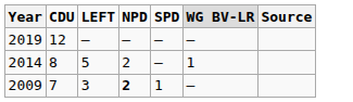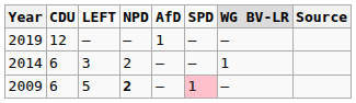 <table class="wikitable">
 <tr>
 <th>Year</th>
 <td style="background:"><strong>CDU</strong></td>
 <td style="background:"><strong>LEFT</strong></td>
 <td style="background:"><strong>NPD</strong></td>
+<td style="background:"><strong>AfD</strong></td>
 <td style="background:"><strong>SPD</strong></td>
 <td style="background:#DCDCDC"><strong>WG BV-LR</strong></td>
 <th>Source</th>
 </tr>
 <tr>
 <td>2019</td>
 <td>12</td>
 <td>—</td>
 <td>—</td>
+<td>1</td>
 <td>—</td>
 <td>—</td>
 <td></td>
 </tr>
 <tr>
 <td>2014</td>
-<td>8</td>
-<td>5</td>
+<td>6</td>
+<td>3</td>
 <td>2</td>
+<td>—</td>
 <td>—</td>
 <td>1</td>
 <td></td>
 </tr>
 <tr>
 <td>2009</td>
-<td>7</td>
-<td>3</td>
+<td>6</td>
+<td>5</td>
 <td><strong>2</strong></td>
-<td>1</td>
+<td>—</td>
+<td style="background: pink;">1</td>
 <td>—</td>
 <td></td>
 </tr>
 </table>
